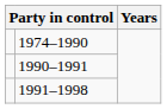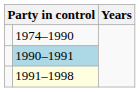 <table class="wikitable">
 <tr>
 <th colspan="2">Party in control</th>
 <th>Years</th>
 </tr>
 <tr>
 <td></td>
 <td>1974–1990</td>
 </tr>
 <tr>
 <td></td>
-<td>1990–1991</td>
+<td style="background: lightblue;">1990–1991</td>
 </tr>
 <tr>
 <td></td>
-<td>1991–1998</td>
+<td style="background: lightyellow;">1991–1998</td>
 </tr>
 </table>
